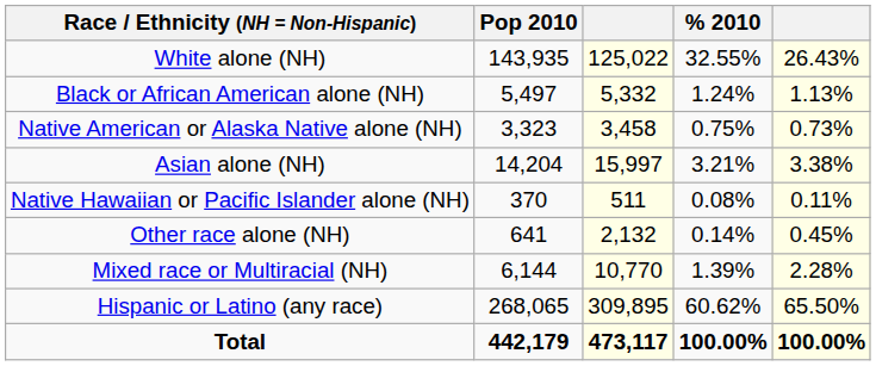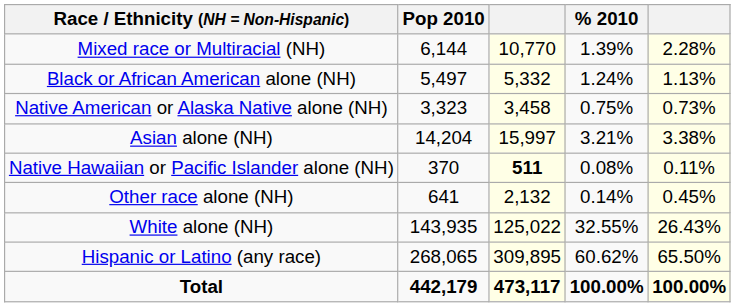 <table class="wikitable" style="text-align:center;">
 <tr>
 <th>Race / Ethnicity <small>(<em>NH = Non-Hispanic</em>)</small></th>
 <th>Pop 2010</th>
 <th></th>
 <th>% 2010</th>
 <th></th>
 </tr>
 <tr>
-<td><a href='#'>White</a> alone (NH)</td>
-<td>143,935</td>
-<td style='background: #ffffe6;'>125,022</td>
-<td>32.55%</td>
-<td style='background: #ffffe6;'>26.43%</td>
+<td><a href='#'>Mixed race or Multiracial</a> (NH)</td>
+<td>6,144</td>
+<td style='background: #ffffe6;'>10,770</td>
+<td>1.39%</td>
+<td style='background: #ffffe6;'>2.28%</td>
 </tr>
 <tr>
 <td><a href='#'>Black or African American</a> alone (NH)</td>
 <td>5,497</td>
 <td style='background: #ffffe6;'>5,332</td>
 <td>1.24%</td>
 <td style='background: #ffffe6;'>1.13%</td>
 </tr>
 <tr>
 <td><a href='#'>Native American</a> or <a href='#'>Alaska Native</a> alone (NH)</td>
 <td>3,323</td>
 <td style='background: #ffffe6;'>3,458</td>
 <td>0.75%</td>
 <td style='background: #ffffe6;'>0.73%</td>
 </tr>
 <tr>
 <td><a href='#'>Asian</a> alone (NH)</td>
 <td>14,204</td>
 <td style='background: #ffffe6;'>15,997</td>
 <td>3.21%</td>
 <td style='background: #ffffe6;'>3.38%</td>
 </tr>
 <tr>
 <td><a href='#'>Native Hawaiian</a> or <a href='#'>Pacific Islander</a> alone (NH)</td>
 <td>370</td>
-<td style='background: #ffffe6;'>511</td>
+<td style='background: #ffffe6;'><strong>511</strong></td>
 <td>0.08%</td>
 <td style='background: #ffffe6;'>0.11%</td>
 </tr>
 <tr>
 <td><a href='#'>Other race</a> alone (NH)</td>
 <td>641</td>
 <td style='background: #ffffe6;'>2,132</td>
 <td>0.14%</td>
 <td style='background: #ffffe6;'>0.45%</td>
 </tr>
 <tr>
-<td><a href='#'>Mixed race or Multiracial</a> (NH)</td>
-<td>6,144</td>
-<td style='background: #ffffe6;'>10,770</td>
-<td>1.39%</td>
-<td style='background: #ffffe6;'>2.28%</td>
+<td><a href='#'>White</a> alone (NH)</td>
+<td>143,935</td>
+<td style='background: #ffffe6;'>125,022</td>
+<td>32.55%</td>
+<td style='background: #ffffe6;'>26.43%</td>
 </tr>
 <tr>
 <td><a href='#'>Hispanic or Latino</a> (any race)</td>
 <td>268,065</td>
 <td style='background: #ffffe6;'>309,895</td>
 <td>60.62%</td>
 <td style='background: #ffffe6;'>65.50%</td>
 </tr>
 <tr>
 <td><strong>Total</strong></td>
 <td><strong>442,179</strong></td>
 <td style='background: #ffffe6;'><strong>473,117</strong></td>
 <td><strong>100.00%</strong></td>
 <td style='background: #ffffe6;'><strong>100.00%</strong></td>
 </tr>
 </table>
